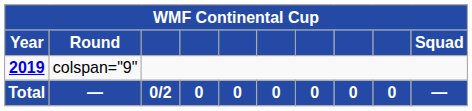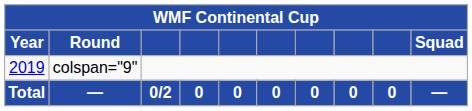 <table class="wikitable" style="text-align: center;font-size:90%;">
 <tr>
 <th colspan="10" style="background:#244AA5; color:white; ">WMF Continental Cup</th>
 </tr>
 <tr>
 <th style="background:#244AA5; color:white; ">Year</th>
 <th style="background:#244AA5; color:white; ">Round</th>
 <th width="28" style="background:#244AA5; color:white; "></th>
 <th width="28" style="background:#244AA5; color:white; "></th>
 <th width="28" style="background:#244AA5; color:white; "></th>
 <th width="28" style="background:#244AA5; color:white; "></th>
 <th width="28" style="background:#244AA5; color:white; "></th>
 <th width="28" style="background:#244AA5; color:white; "></th>
 <th width="28" style="background:#244AA5; color:white; "></th>
 <th style="background:#244AA5; color:white; ">Squad</th>
 </tr>
 <tr>
-<td><strong> <a href='#'>2019</a></strong></td>
+<td> <a href='#'>2019</a></td>
 <td>colspan="9" </td>
 </tr>
 <tr>
 <th style="background:#244AA5; color:white; ">Total</th>
 <th style="background:#244AA5; color:white; ">—</th>
 <th style="background:#244AA5; color:white; ">0/2</th>
 <th style="background:#244AA5; color:white; ">0</th>
 <th style="background:#244AA5; color:white; ">0</th>
 <th style="background:#244AA5; color:white; ">0</th>
 <th style="background:#244AA5; color:white; ">0</th>
 <th style="background:#244AA5; color:white; ">0</th>
 <th style="background:#244AA5; color:white; ">0</th>
 <th style="background:#244AA5; color:white; ">—</th>
 </tr>
 </table>
